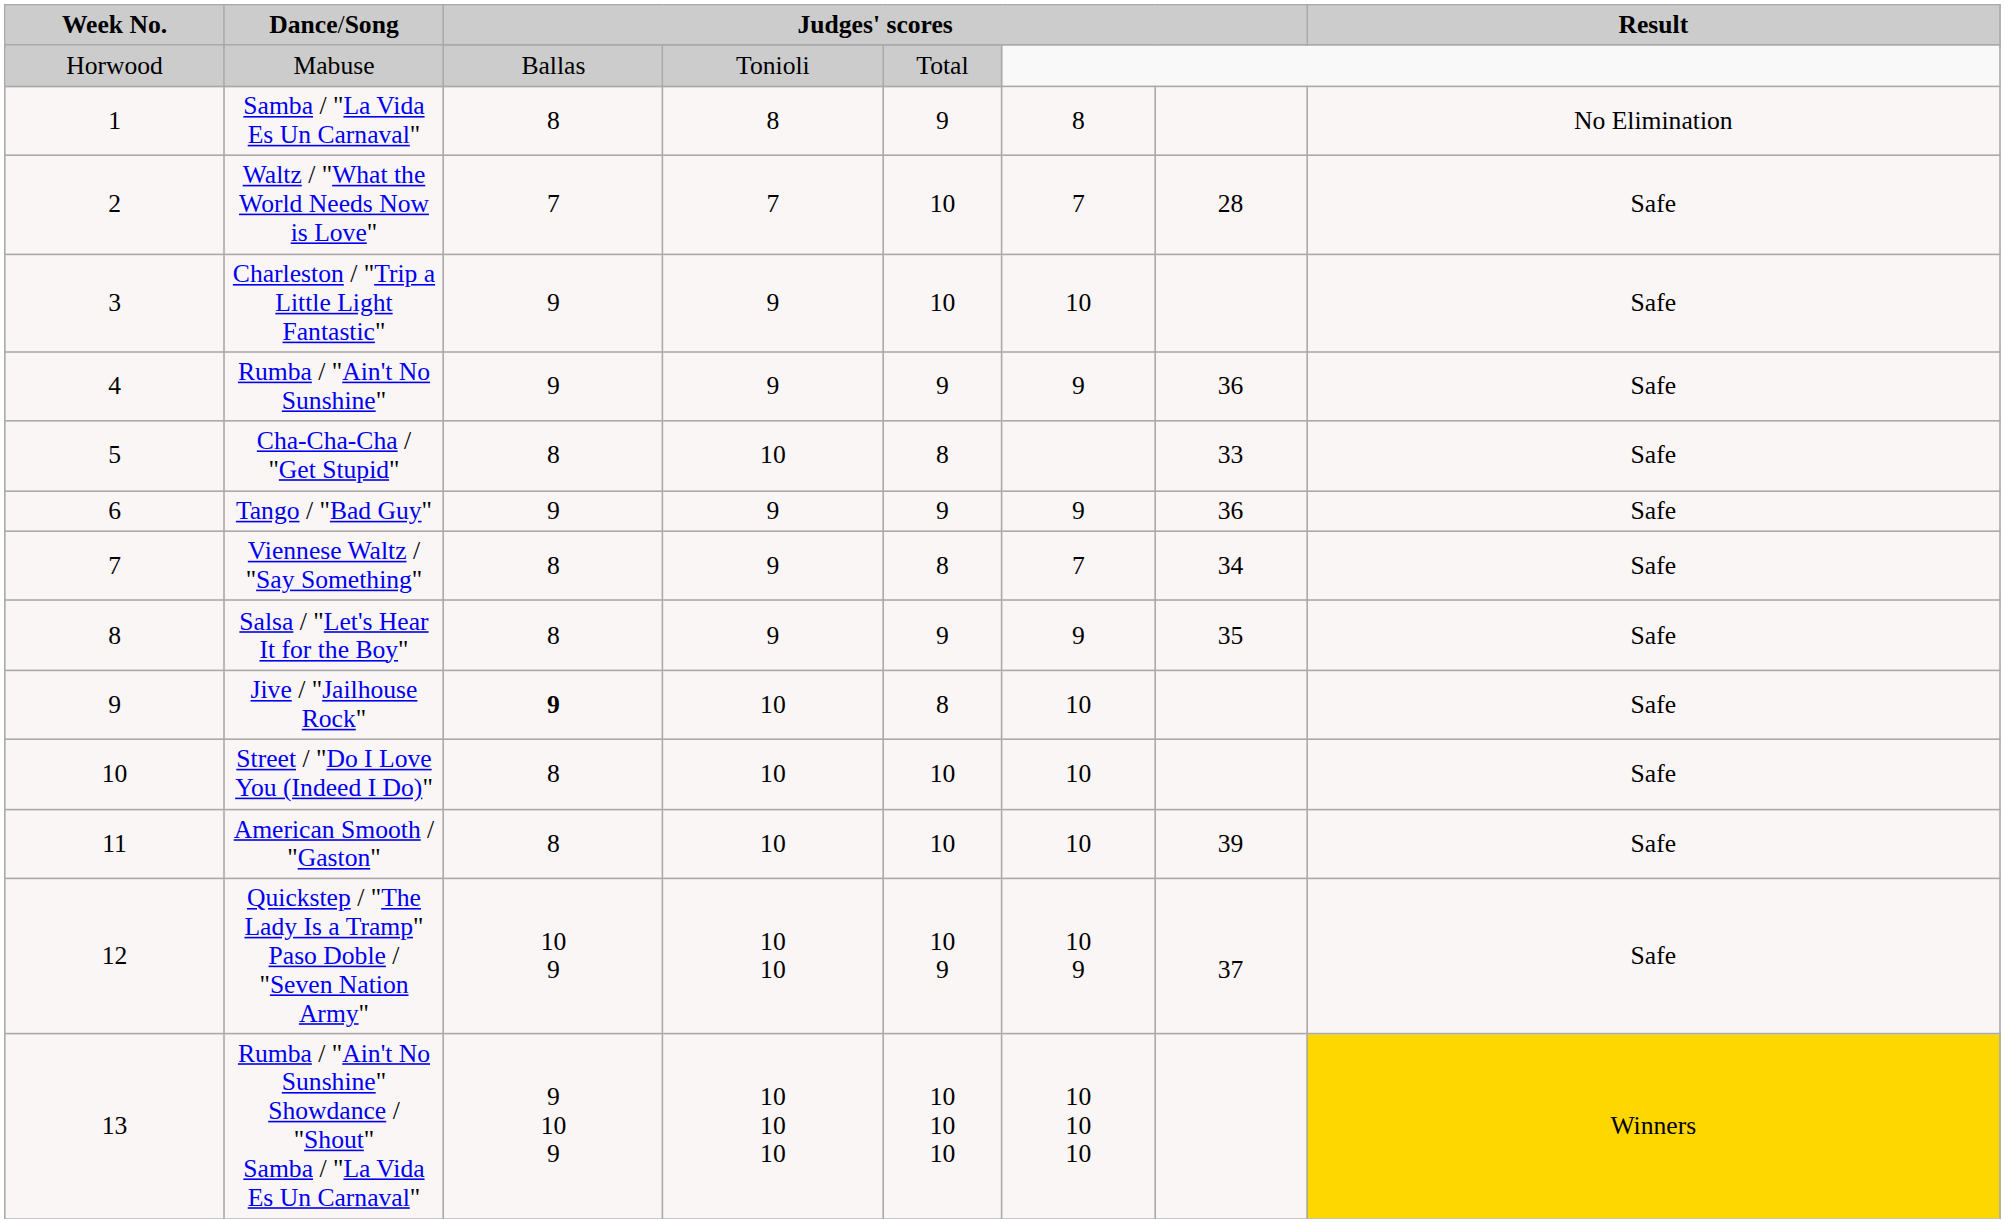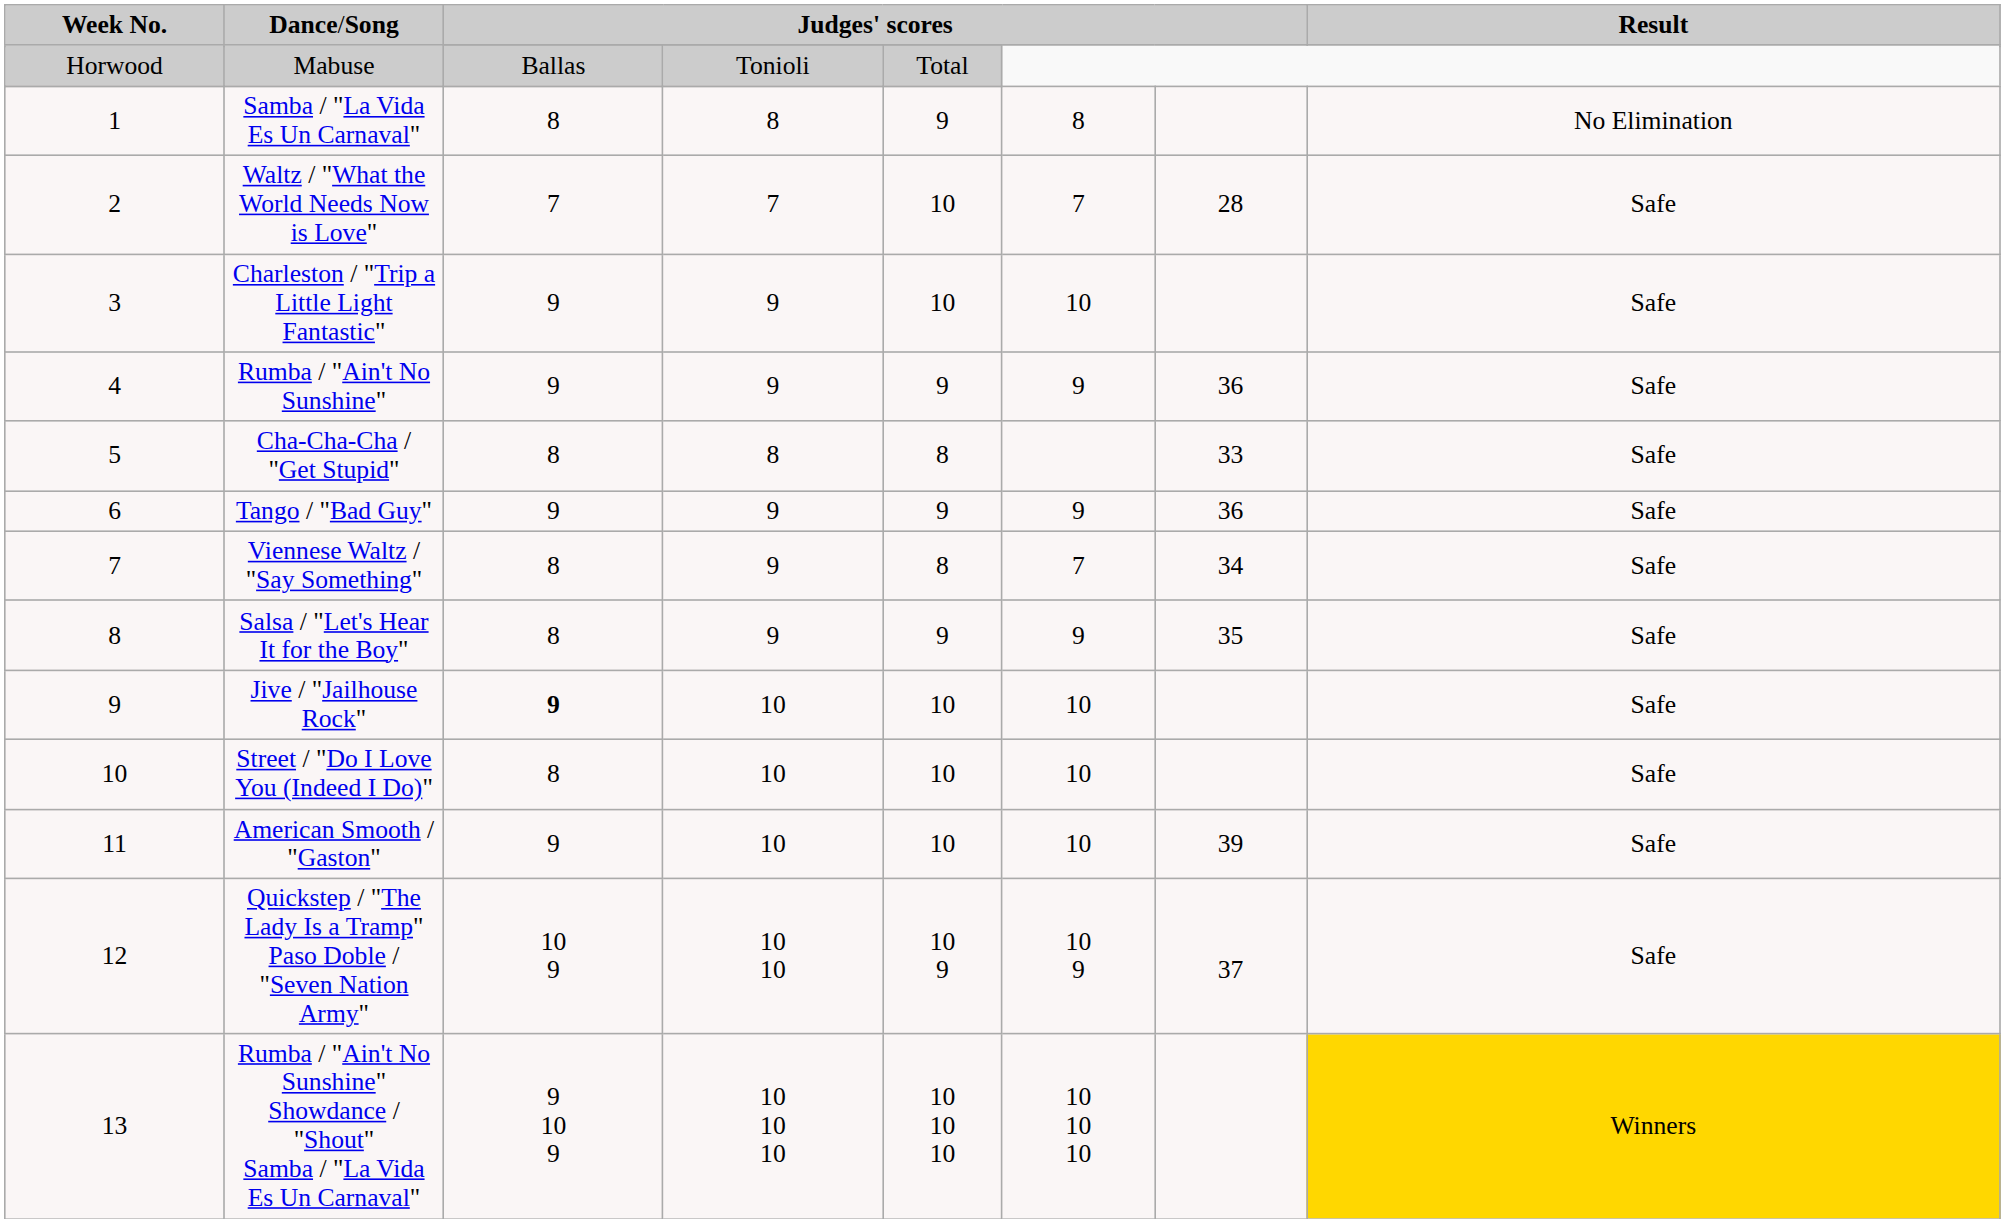 <table class="wikitable" align="center">
 <tr>
 <td rowspan="2" bgcolor="CCCCCC" align="Center"><strong>Week No.</strong></td>
 <td rowspan="2" bgcolor="CCCCCC" align="Center"><strong>Dance</strong>/<strong>Song</strong></td>
 <td colspan="5" bgcolor="CCCCCC" align="Center"><strong>Judges' scores</strong></td>
 <td rowspan="2" bgcolor="CCCCCC" align="Center"><strong>Result</strong></td>
 </tr>
 <tr>
 </tr>
 <tr>
 <td bgcolor="CCCCCC" width="11%" align="center">Horwood</td>
 <td bgcolor="CCCCCC" width="11%" align="center">Mabuse</td>
 <td bgcolor="CCCCCC" width="11%" align="center">Ballas</td>
 <td bgcolor="CCCCCC" width="11%" align="center">Tonioli</td>
 <td bgcolor="CCCCCC" width="6%" align="center">Total</td>
 </tr>
 <tr>
 </tr>
 <tr>
 <td align="center" bgcolor="FAF6F6">1</td>
 <td align="center" bgcolor="FAF6F6"><a href='#'>Samba</a> / "<a href='#'>La Vida Es Un Carnaval</a>"</td>
 <td align="center" bgcolor="FAF6F6">8</td>
 <td align="center" bgcolor="FAF6F6">8</td>
 <td align="center" bgcolor="FAF6F6">9</td>
 <td align="center" bgcolor="FAF6F6">8</td>
 <td align="center" bgcolor="FAF6F6"></td>
 <td align="center" bgcolor="FAF6F6">No Elimination</td>
 </tr>
 <tr>
 <td align="center" bgcolor="FAF6F6">2</td>
 <td align="center" bgcolor="FAF6F6"><a href='#'>Waltz</a> / "<a href='#'>What the World Needs Now is Love</a>"</td>
 <td align="center" bgcolor="FAF6F6">7</td>
 <td align="center" bgcolor="FAF6F6">7</td>
 <td align="center" bgcolor="FAF6F6">10</td>
 <td align="center" bgcolor="FAF6F6">7</td>
 <td align="center" bgcolor="FAF6F6">28</td>
 <td align="center" Sade bgcolor="FAF6F6">Safe</td>
 </tr>
 <tr>
 <td align="center" bgcolor="FAF6F6">3</td>
 <td align="center" bgcolor="FAF6F6"><a href='#'>Charleston</a> / "<a href='#'>Trip a Little Light Fantastic</a>"</td>
 <td align="center" bgcolor="FAF6F6">9</td>
 <td align="center" bgcolor="FAF6F6">9</td>
 <td align="center" bgcolor="FAF6F6">10</td>
 <td align="center" bgcolor="FAF6F6">10</td>
 <td align="center" bgcolor="FAF6F6"></td>
 <td align="center" Sade bgcolor="FAF6F6">Safe</td>
 </tr>
 <tr>
 <td align="center" bgcolor="FAF6F6">4</td>
 <td align="center" bgcolor="FAF6F6"><a href='#'>Rumba</a> / "<a href='#'>Ain't No Sunshine</a>"</td>
 <td align="center" bgcolor="FAF6F6">9</td>
 <td align="center" bgcolor="FAF6F6">9</td>
 <td align="center" bgcolor="FAF6F6">9</td>
 <td align="center" bgcolor="FAF6F6">9</td>
 <td align="center" bgcolor="FAF6F6">36</td>
 <td align="center" Sade bgcolor="FAF6F6">Safe</td>
 </tr>
 <tr>
 <td align="center" bgcolor="FAF6F6">5</td>
 <td align="center" bgcolor="FAF6F6"><a href='#'>Cha-Cha-Cha</a> / "<a href='#'>Get Stupid</a>"</td>
 <td align="center" bgcolor="FAF6F6">8</td>
-<td align="center" bgcolor="FAF6F6">10</td>
+<td align="center" bgcolor="FAF6F6">8</td>
 <td align="center" bgcolor="FAF6F6">8</td>
 <td align="center" bgcolor="FAF6F6"></td>
 <td align="center" bgcolor="FAF6F6">33</td>
 <td align="center" Sade bgcolor="FAF6F6">Safe</td>
 </tr>
 <tr>
 <td align="center" bgcolor="FAF6F6">6</td>
 <td align="center" bgcolor="FAF6F6"><a href='#'>Tango</a> / "<a href='#'>Bad Guy</a>"</td>
 <td align="center" bgcolor="FAF6F6">9</td>
 <td align="center" bgcolor="FAF6F6">9</td>
 <td align="center" bgcolor="FAF6F6">9</td>
 <td align="center" bgcolor="FAF6F6">9</td>
 <td align="center" bgcolor="FAF6F6">36</td>
 <td align="center" bgcolor="FAF6F6">Safe</td>
 </tr>
 <tr>
 <td align="center" bgcolor="FAF6F6">7</td>
 <td align="center" bgcolor="FAF6F6"><a href='#'>Viennese Waltz</a> / "<a href='#'>Say Something</a>"</td>
 <td align="center" bgcolor="FAF6F6">8</td>
 <td align="center" bgcolor="FAF6F6">9</td>
 <td align="center" bgcolor="FAF6F6">8</td>
 <td align="center" bgcolor="FAF6F6">7</td>
 <td align="center" bgcolor="FAF6F6">34</td>
 <td align="center" bgcolor="FAF6F6">Safe</td>
 </tr>
 <tr>
 <td align="center" bgcolor="FAF6F6">8</td>
 <td align="center" bgcolor="FAF6F6"><a href='#'>Salsa</a> / "<a href='#'>Let's Hear It for the Boy</a>"</td>
 <td align="center" bgcolor="FAF6F6">8</td>
 <td align="center" bgcolor="FAF6F6">9</td>
 <td align="center" bgcolor="FAF6F6">9</td>
 <td align="center" bgcolor="FAF6F6">9</td>
 <td align="center" bgcolor="FAF6F6">35</td>
 <td align="center" bgcolor="FAF6F6">Safe</td>
 </tr>
 <tr>
 <td align="center" bgcolor="FAF6F6">9</td>
 <td align="center" bgcolor="FAF6F6"><a href='#'>Jive</a> / "<a href='#'>Jailhouse Rock</a>"</td>
 <td align="center" bgcolor="FAF6F6"><strong>9</strong></td>
 <td align="center" bgcolor="FAF6F6">10</td>
-<td align="center" bgcolor="FAF6F6">8</td>
+<td align="center" bgcolor="FAF6F6">10</td>
 <td align="center" bgcolor="FAF6F6">10</td>
 <td align="center" bgcolor="FAF6F6"></td>
 <td align="center" bgcolor="FAF6F6">Safe</td>
 </tr>
 <tr>
 <td align="center" bgcolor="FAF6F6">10</td>
 <td align="center" bgcolor="FAF6F6"><a href='#'>Street</a> / "<a href='#'>Do I Love You (Indeed I Do)</a>"</td>
 <td align="center" bgcolor="FAF6F6">8</td>
 <td align="center" bgcolor="FAF6F6">10</td>
 <td align="center" bgcolor="FAF6F6">10</td>
 <td align="center" bgcolor="FAF6F6">10</td>
 <td align="center" bgcolor="FAF6F6"></td>
 <td align="center" bgcolor="FAF6F6">Safe</td>
 </tr>
 <tr>
 <td align="center" bgcolor="FAF6F6">11</td>
 <td align="center" bgcolor="FAF6F6"><a href='#'>American Smooth</a> / "<a href='#'>Gaston</a>"</td>
-<td align="center" bgcolor="FAF6F6">8</td>
+<td align="center" bgcolor="FAF6F6">9</td>
 <td align="center" bgcolor="FAF6F6">10</td>
 <td align="center" bgcolor="FAF6F6">10</td>
 <td align="center" bgcolor="FAF6F6">10</td>
 <td align="center" bgcolor="FAF6F6">39</td>
 <td align="center" bgcolor="FAF6F6">Safe</td>
 </tr>
 <tr>
 <td align="center" bgcolor="FAF6F6">12</td>
 <td align="center" bgcolor="FAF6F6"><a href='#'>Quickstep</a> / "<a href='#'>The Lady Is a Tramp</a>"<br><a href='#'>Paso Doble</a> / "<a href='#'>Seven Nation Army</a>"</td>
 <td align="center" bgcolor="FAF6F6">10<br>9</td>
 <td align="center" bgcolor="FAF6F6">10<br>10</td>
 <td align="center" bgcolor="FAF6F6">10<br>9</td>
 <td align="center" bgcolor="FAF6F6">10<br>9</td>
 <td align="center" bgcolor="FAF6F6"><br>37</td>
 <td align="center" bgcolor="FAF6F6">Safe</td>
 </tr>
 <tr>
 <td align="center" bgcolor="FAF6F6">13</td>
 <td align="center" bgcolor="FAF6F6"><a href='#'>Rumba</a> / "<a href='#'>Ain't No Sunshine</a>" <br> <a href='#'>Showdance</a> / "<a href='#'>Shout</a>" <br> <a href='#'>Samba</a> / "<a href='#'>La Vida Es Un Carnaval</a>"</td>
 <td align="center" bgcolor="FAF6F6">9<br>10<br>9</td>
 <td align="center" bgcolor="FAF6F6">10<br>10<br>10</td>
 <td align="center" bgcolor="FAF6F6">10<br>10<br>10</td>
 <td align="center" bgcolor="FAF6F6">10<br>10<br>10</td>
 <td align="center" bgcolor="FAF6F6"><br><br></td>
 <td style="text-align:center; background:gold;">Winners</td>
 </tr>
 </table>
